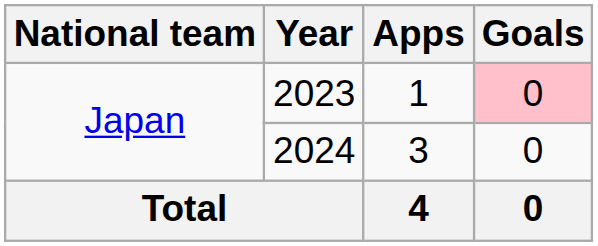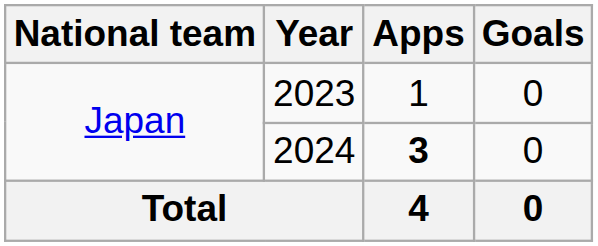 <table class="wikitable" style="text-align:center">
 <tr>
 <th>National team</th>
 <th>Year</th>
 <th>Apps</th>
 <th>Goals</th>
 </tr>
 <tr>
 <td rowspan="2"><a href='#'>Japan</a></td>
 <td>2023</td>
 <td>1</td>
-<td style="background: pink;">0</td>
+<td>0</td>
 </tr>
 <tr>
 <td>2024</td>
-<td>3</td>
+<td><strong>3</strong></td>
 <td>0</td>
 </tr>
 <tr>
 <th colspan="2">Total</th>
 <th>4</th>
 <th>0</th>
 </tr>
 </table>
